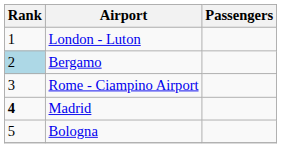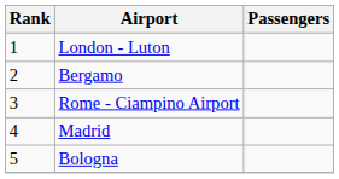 <table class="wikitable sortable" style="font-size: 100 %" width= align=>
 <tr style="background:lightgrey;">
 <th>Rank</th>
 <th>Airport</th>
 <th>Passengers</th>
 </tr>
 <tr>
 <td>1</td>
 <td> <a href='#'>London - Luton</a></td>
 <td></td>
 </tr>
 <tr>
-<td style="background: lightblue;">2</td>
+<td>2</td>
 <td> <a href='#'>Bergamo</a></td>
 <td></td>
 </tr>
 <tr>
 <td>3</td>
 <td> <a href='#'>Rome - Ciampino Airport</a></td>
 <td></td>
 </tr>
 <tr>
-<td><strong>4</strong></td>
+<td>4</td>
 <td> <a href='#'>Madrid</a></td>
 <td></td>
 </tr>
 <tr>
 <td>5</td>
 <td> <a href='#'>Bologna</a></td>
 <td></td>
 </tr>
 <tr>
 </tr>
 </table>
